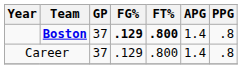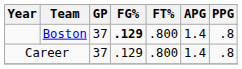 <table class="wikitable sortable" style="font-size:95%; text-align:right;">
 <tr>
 <th>Year</th>
 <th>Team</th>
 <th>GP</th>
 <th>FG%</th>
 <th>FT%</th>
 <th>APG</th>
 <th>PPG</th>
 </tr>
 <tr>
 <td style="text-align:left;"></td>
-<td style="text-align:left;"><strong><a href='#'>Boston</a></strong></td>
+<td style="text-align:left;"><a href='#'>Boston</a></td>
 <td>37</td>
 <td><strong>.129</strong></td>
-<td><strong>.800</strong></td>
+<td>.800</td>
 <td>1.4</td>
 <td>.8</td>
 </tr>
 <tr>
 <td style="text-align:center;" colspan="2">Career</td>
 <td>37</td>
 <td>.129</td>
 <td>.800</td>
 <td>1.4</td>
 <td>.8</td>
 </tr>
 <tr>
 </tr>
 </table>
